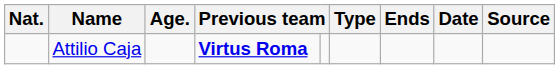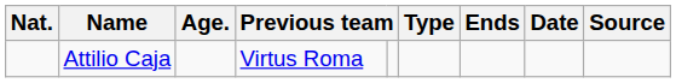 <table class="wikitable sortable">
 <tr>
 <th>Nat.</th>
 <th>Name</th>
 <th>Age.</th>
 <th colspan=2>Previous team</th>
 <th>Type</th>
 <th>Ends</th>
 <th>Date</th>
 <th>Source</th>
 </tr>
 <tr>
 <td></td>
 <td><a href='#'>Attilio Caja</a></td>
 <td></td>
-<td><strong><a href='#'>Virtus Roma</a></strong></td>
+<td><a href='#'>Virtus Roma</a></td>
 <td></td>
 <td></td>
 <td></td>
 <td></td>
 <td></td>
 </tr>
 </table>
